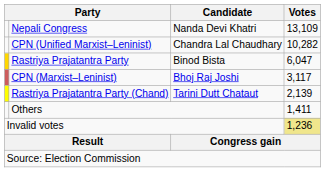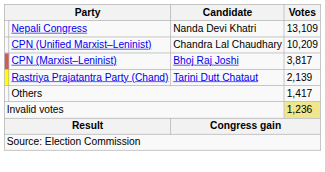 <table class="wikitable">
 <tr>
 <th colspan="2">Party</th>
 <th>Candidate</th>
 <th>Votes</th>
 </tr>
 <tr>
 <td style="background-color:"></td>
 <td><a href='#'>Nepali Congress</a></td>
 <td>Nanda Devi Khatri</td>
 <td>13,109</td>
 </tr>
 <tr>
 <td style="background-color:"></td>
 <td><a href='#'>CPN (Unified Marxist–Leninist)</a></td>
 <td>Chandra Lal Chaudhary</td>
-<td>10,282</td>
-</tr>
-<tr>
-<td style="background-color:gold"></td>
-<td><a href='#'>Rastriya Prajatantra Party</a></td>
-<td>Binod Bista</td>
-<td>6,047</td>
+<td>10,209</td>
 </tr>
 <tr>
 <td style="background-color:indianred"></td>
 <td><a href='#'>CPN (Marxist–Leninist)</a></td>
 <td><a href='#'>Bhoj Raj Joshi</a></td>
-<td>3,117</td>
+<td>3,817</td>
 </tr>
 <tr>
 <td style="background-color:yellow"></td>
 <td><a href='#'>Rastriya Prajatantra Party (Chand)</a></td>
 <td><a href='#'>Tarini Dutt Chataut</a></td>
 <td>2,139</td>
 </tr>
 <tr>
 <td></td>
 <td colspan="2">Others</td>
-<td>1,411</td>
+<td>1,417</td>
 </tr>
 <tr>
 <td colspan="3">Invalid votes</td>
 <td style="background: khaki;">1,236</td>
 </tr>
 <tr>
 <th colspan="2">Result</th>
 <th colspan="2">Congress gain</th>
 </tr>
 <tr>
 <td colspan="4">Source: Election Commission</td>
 </tr>
 </table>
